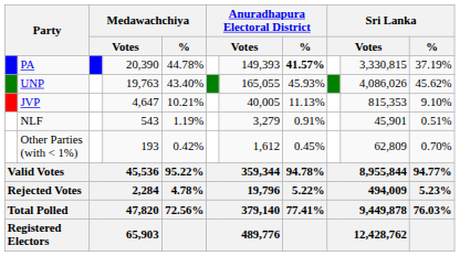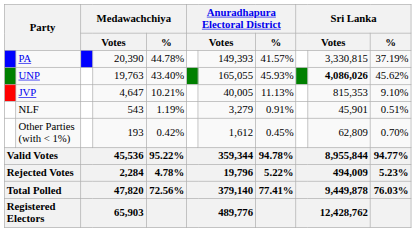 <table class="wikitable">
 <tr>
 <th colspan="2" width="144px"rowspan="2">Party</th>
 <th colspan="3" width="216px">Medawachchiya</th>
 <th colspan="3" width="216px"><a href='#'>Anuradhapura Electoral District</a></th>
 <th colspan="3" width="216px">Sri Lanka</th>
 </tr>
 <tr>
 <th colspan="2" width="144px">Votes</th>
 <th>%</th>
 <th colspan="2" width="144px">Votes</th>
 <th>%</th>
 <th colspan="2" width="144px">Votes</th>
 <th>%</th>
 </tr>
 <tr>
 <td style="background-color:blue;" width="10px"></td>
 <td style="text-align:left;"><a href='#'>PA</a></td>
 <td style="background-color:blue;" width="10px"></td>
 <td style="text-align:right;">20,390</td>
 <td style="text-align:right;">44.78%</td>
 <td style="background-color:white;" width="10px"></td>
 <td style="text-align:right;">149,393</td>
-<td style="text-align:right;"><strong>41.57%</strong></td>
+<td style="text-align:right;">41.57%</td>
 <td style="background-color:white;" width="10px"></td>
 <td style="text-align:right;">3,330,815</td>
 <td style="text-align:right;">37.19%</td>
 </tr>
 <tr>
 <td style="background-color:green;" width="10px"></td>
 <td style="text-align:left;"><a href='#'>UNP</a></td>
 <td style="background-color:white;" width="10px"></td>
 <td style="text-align:right;">19,763</td>
 <td style="text-align:right;">43.40%</td>
 <td style="background-color:green;" width="10px"></td>
 <td style="text-align:right;">165,055</td>
 <td style="text-align:right;">45.93%</td>
 <td style="background-color:green;" width="10px"></td>
-<td style="text-align:right;">4,086,026</td>
+<td style="text-align:right;"><strong>4,086,026</strong></td>
 <td style="text-align:right;">45.62%</td>
 </tr>
 <tr>
 <td style="background-color:red;" width="10px"></td>
 <td style="text-align:left;"><a href='#'>JVP</a></td>
 <td style="background-color:white;" width="10px"></td>
 <td style="text-align:right;">4,647</td>
 <td style="text-align:right;">10.21%</td>
 <td style="background-color:white;" width="10px"></td>
 <td style="text-align:right;">40,005</td>
 <td style="text-align:right;">11.13%</td>
 <td style="background-color:white;" width="10px"></td>
 <td style="text-align:right;">815,353</td>
 <td style="text-align:right;">9.10%</td>
 </tr>
 <tr>
 <td style="background-color:white;" width="10px"></td>
 <td style="text-align:left;">NLF</td>
 <td style="background-color:white;" width="10px"></td>
 <td style="text-align:right;">543</td>
 <td style="text-align:right;">1.19%</td>
 <td style="background-color:white;" width="10px"></td>
 <td style="text-align:right;">3,279</td>
 <td style="text-align:right;">0.91%</td>
 <td style="background-color:white;" width="10px"></td>
 <td style="text-align:right;">45,901</td>
 <td style="text-align:right;">0.51%</td>
 </tr>
 <tr>
 <td style="background-color:white;" width="10px"></td>
 <td style="text-align:left;">Other Parties (with < 1%)</td>
 <td style="background-color:white;" width="10px"></td>
 <td style="text-align:right;">193</td>
 <td style="text-align:right;">0.42%</td>
 <td style="background-color:white;" width="10px"></td>
 <td style="text-align:right;">1,612</td>
 <td style="text-align:right;">0.45%</td>
 <td style="background-color:white;" width="10px"></td>
 <td style="text-align:right;">62,809</td>
 <td style="text-align:right;">0.70%</td>
 </tr>
 <tr>
 <th colspan="2" width="144px"style="text-align:left;">Valid Votes</th>
 <th style="text-align:right;"colspan="2" width="144px">45,536</th>
 <th style="text-align:right;">95.22%</th>
 <th style="text-align:right;"colspan="2" width="144px">359,344</th>
 <th style="text-align:right;">94.78%</th>
 <th style="text-align:right;"colspan="2" width="144px">8,955,844</th>
 <th style="text-align:right;">94.77%</th>
 </tr>
 <tr>
 <th colspan="2" width="144px"style="text-align:left;">Rejected Votes</th>
 <th style="text-align:right;"colspan="2" width="144px">2,284</th>
 <th style="text-align:right;">4.78%</th>
 <th style="text-align:right;"colspan="2" width="144px">19,796</th>
 <th style="text-align:right;">5.22%</th>
 <th style="text-align:right;"colspan="2" width="144px">494,009</th>
 <th style="text-align:right;">5.23%</th>
 </tr>
 <tr>
 <th colspan="2" width="144px"style="text-align:left;">Total Polled</th>
 <th style="text-align:right;"colspan="2" width="144px">47,820</th>
 <th style="text-align:right;">72.56%</th>
 <th style="text-align:right;"colspan="2" width="144px">379,140</th>
 <th style="text-align:right;">77.41%</th>
 <th style="text-align:right;"colspan="2" width="144px">9,449,878</th>
 <th style="text-align:right;">76.03%</th>
 </tr>
 <tr>
 <th colspan="2" width="144px"style="text-align:left;">Registered Electors</th>
 <th style="text-align:right;"colspan="2" width="144px">65,903</th>
 <th></th>
 <th style="text-align:right;"colspan="2" width="144px">489,776</th>
 <th></th>
 <th style="text-align:right;"colspan="2" width="144px">12,428,762</th>
 <th></th>
 </tr>
 </table>
